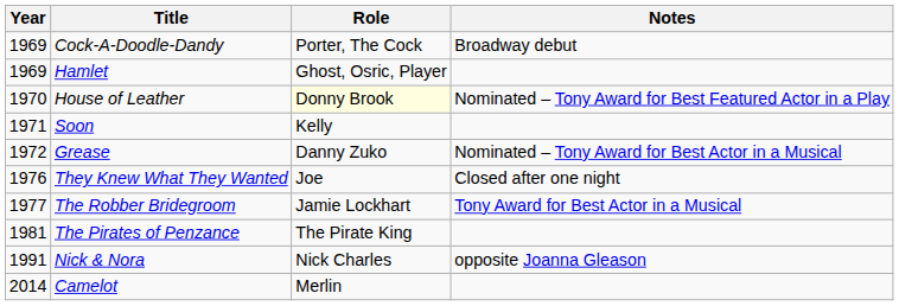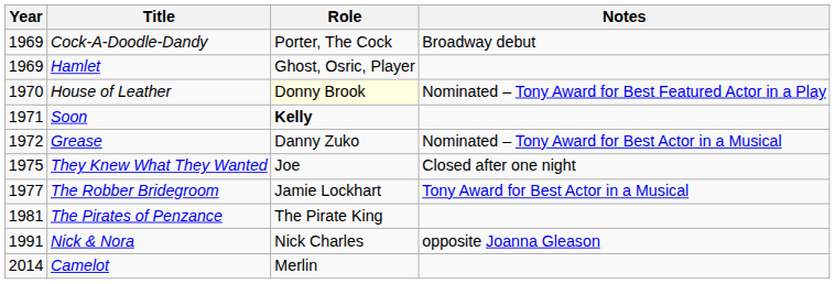 <table class="wikitable sortable”">
 <tr>
 <th>Year</th>
 <th>Title</th>
 <th>Role</th>
 <th class=“unsortable”>Notes</th>
 </tr>
 <tr>
 <td>1969</td>
 <td><em>Cock-A-Doodle-Dandy</em></td>
 <td>Porter, The Cock</td>
 <td>Broadway debut</td>
 </tr>
 <tr>
 <td>1969</td>
 <td><em><a href='#'>Hamlet</a></em></td>
 <td>Ghost, Osric, Player</td>
 <td></td>
 </tr>
 <tr>
 <td>1970</td>
 <td><em>House of Leather</em></td>
 <td style="background: lightyellow;">Donny Brook</td>
 <td>Nominated – <a href='#'>Tony Award for Best Featured Actor in a Play</a></td>
 </tr>
 <tr>
 <td>1971</td>
 <td><em><a href='#'>Soon</a></em></td>
-<td>Kelly</td>
+<td><strong>Kelly</strong></td>
 <td></td>
 </tr>
 <tr>
 <td>1972</td>
 <td><em><a href='#'>Grease</a></em></td>
 <td>Danny Zuko</td>
 <td>Nominated – <a href='#'>Tony Award for Best Actor in a Musical</a></td>
 </tr>
 <tr>
-<td>1976</td>
+<td>1975</td>
 <td><em><a href='#'>They Knew What They Wanted</a></em></td>
 <td>Joe</td>
 <td>Closed after one night</td>
 </tr>
 <tr>
 <td>1977</td>
 <td><em><a href='#'>The Robber Bridegroom</a></em></td>
 <td>Jamie Lockhart</td>
 <td><a href='#'>Tony Award for Best Actor in a Musical</a></td>
 </tr>
 <tr>
 <td>1981</td>
 <td><em><a href='#'>The Pirates of Penzance</a></em></td>
 <td>The Pirate King</td>
 <td></td>
 </tr>
 <tr>
 <td>1991</td>
 <td><em><a href='#'>Nick & Nora</a></em></td>
 <td>Nick Charles</td>
 <td>opposite <a href='#'>Joanna Gleason</a></td>
 </tr>
 <tr>
 <td>2014</td>
 <td><em><a href='#'>Camelot</a></em></td>
 <td>Merlin</td>
 <td></td>
 </tr>
 </table>
